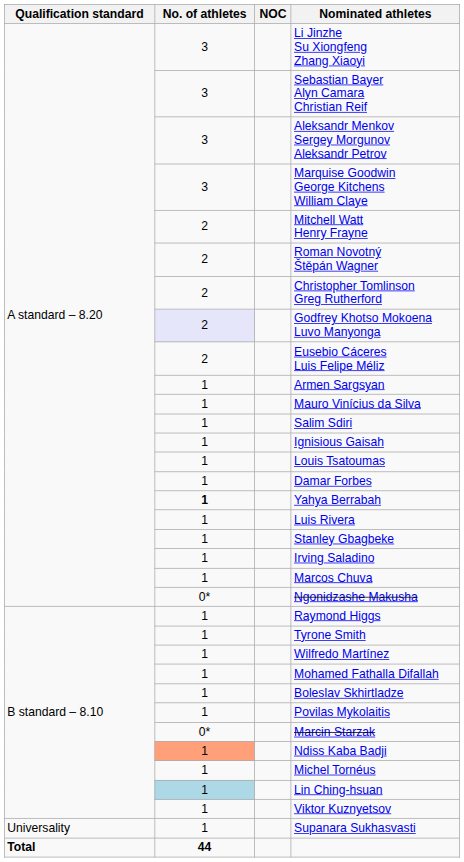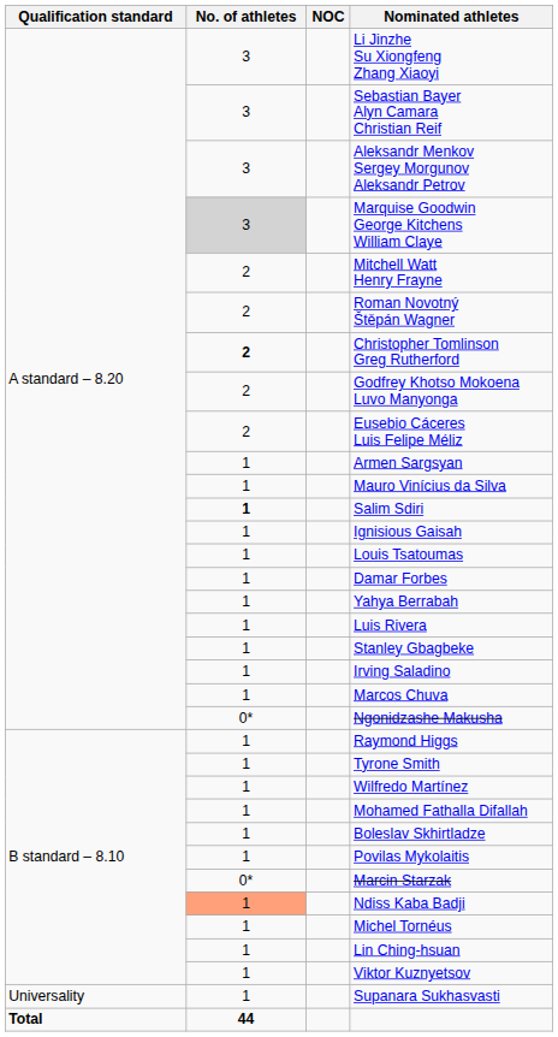 <table class="wikitable"  style="text-align:left; width:600px;">
 <tr>
 <th>Qualification standard</th>
 <th>No. of athletes</th>
 <th>NOC</th>
 <th>Nominated athletes</th>
 </tr>
 <tr>
 <td rowspan="21">A standard – 8.20</td>
 <td align=center>3</td>
 <td></td>
 <td><a href='#'>Li Jinzhe</a><br><a href='#'>Su Xiongfeng</a><br><a href='#'>Zhang Xiaoyi</a></td>
 </tr>
 <tr>
 <td align=center>3</td>
 <td></td>
 <td><a href='#'>Sebastian Bayer</a><br><a href='#'>Alyn Camara</a><br><a href='#'>Christian Reif</a></td>
 </tr>
 <tr>
 <td align=center>3</td>
 <td></td>
 <td><a href='#'>Aleksandr Menkov</a><br><a href='#'>Sergey Morgunov</a><br><a href='#'>Aleksandr Petrov</a></td>
 </tr>
 <tr>
-<td align=center>3</td>
+<td align=center style="background: lightgrey;">3</td>
 <td></td>
 <td><a href='#'>Marquise Goodwin</a><br><a href='#'>George Kitchens</a><br><a href='#'>William Claye</a></td>
 </tr>
 <tr>
 <td align=center>2</td>
 <td></td>
 <td><a href='#'>Mitchell Watt</a><br><a href='#'>Henry Frayne</a></td>
 </tr>
 <tr>
 <td align=center>2</td>
 <td></td>
 <td><a href='#'>Roman Novotný</a><br><a href='#'>Štěpán Wagner</a></td>
 </tr>
 <tr>
-<td align=center>2</td>
+<td align=center><strong>2</strong></td>
 <td></td>
 <td><a href='#'>Christopher Tomlinson</a><br><a href='#'>Greg Rutherford</a></td>
 </tr>
 <tr>
-<td align=center style="background: lavender;">2</td>
+<td align=center>2</td>
 <td></td>
 <td><a href='#'>Godfrey Khotso Mokoena</a><br><a href='#'>Luvo Manyonga</a></td>
 </tr>
 <tr>
 <td align=center>2</td>
 <td></td>
 <td><a href='#'>Eusebio Cáceres</a><br><a href='#'>Luis Felipe Méliz</a></td>
 </tr>
 <tr>
 <td align=center>1</td>
 <td></td>
 <td><a href='#'>Armen Sargsyan</a></td>
 </tr>
 <tr>
 <td align=center>1</td>
 <td></td>
 <td><a href='#'>Mauro Vinícius da Silva</a></td>
 </tr>
 <tr>
-<td align=center>1</td>
+<td align=center><strong>1</strong></td>
 <td></td>
 <td><a href='#'>Salim Sdiri</a></td>
 </tr>
 <tr>
 <td align=center>1</td>
 <td></td>
 <td><a href='#'>Ignisious Gaisah</a></td>
 </tr>
 <tr>
 <td align=center>1</td>
 <td></td>
 <td><a href='#'>Louis Tsatoumas</a></td>
 </tr>
 <tr>
 <td align=center>1</td>
 <td></td>
 <td><a href='#'>Damar Forbes</a></td>
 </tr>
 <tr>
-<td align=center><strong>1</strong></td>
+<td align=center>1</td>
 <td></td>
 <td><a href='#'>Yahya Berrabah</a></td>
 </tr>
 <tr>
 <td align=center>1</td>
 <td></td>
 <td><a href='#'>Luis Rivera</a></td>
 </tr>
 <tr>
 <td align=center>1</td>
 <td></td>
 <td><a href='#'>Stanley Gbagbeke</a></td>
 </tr>
 <tr>
 <td align=center>1</td>
 <td></td>
 <td><a href='#'>Irving Saladino</a></td>
 </tr>
 <tr>
 <td align=center>1</td>
 <td></td>
 <td><a href='#'>Marcos Chuva</a></td>
 </tr>
 <tr>
 <td align=center>0*</td>
 <td></td>
 <td><s><a href='#'>Ngonidzashe Makusha</a></s></td>
 </tr>
 <tr>
 <td rowspan="11">B standard – 8.10</td>
 <td align=center>1</td>
 <td></td>
 <td><a href='#'>Raymond Higgs</a></td>
 </tr>
 <tr>
 <td align=center>1</td>
 <td></td>
 <td><a href='#'>Tyrone Smith</a></td>
 </tr>
 <tr>
 <td align=center>1</td>
 <td></td>
 <td><a href='#'>Wilfredo Martínez</a></td>
 </tr>
 <tr>
 <td align=center>1</td>
 <td></td>
 <td><a href='#'>Mohamed Fathalla Difallah</a></td>
 </tr>
 <tr>
 <td align=center>1</td>
 <td></td>
 <td><a href='#'>Boleslav Skhirtladze</a></td>
 </tr>
 <tr>
 <td align=center>1</td>
 <td></td>
 <td><a href='#'>Povilas Mykolaitis</a></td>
 </tr>
 <tr>
 <td align=center>0*</td>
 <td></td>
 <td><s><a href='#'>Marcin Starzak</a></s></td>
 </tr>
 <tr>
 <td align=center style="background: lightsalmon;">1</td>
 <td></td>
 <td><a href='#'>Ndiss Kaba Badji</a></td>
 </tr>
 <tr>
 <td align=center>1</td>
 <td></td>
 <td><a href='#'>Michel Tornéus</a></td>
 </tr>
 <tr>
-<td align=center style="background: lightblue;">1</td>
+<td align=center>1</td>
 <td></td>
 <td><a href='#'>Lin Ching-hsuan</a></td>
 </tr>
 <tr>
 <td align=center>1</td>
 <td></td>
 <td><a href='#'>Viktor Kuznyetsov</a></td>
 </tr>
 <tr>
 <td>Universality</td>
 <td align=center>1</td>
 <td></td>
 <td><a href='#'>Supanara Sukhasvasti</a></td>
 </tr>
 <tr>
 <td><strong>Total</strong></td>
 <td align=center><strong>44</strong></td>
 <td></td>
 <td></td>
 </tr>
 </table>
